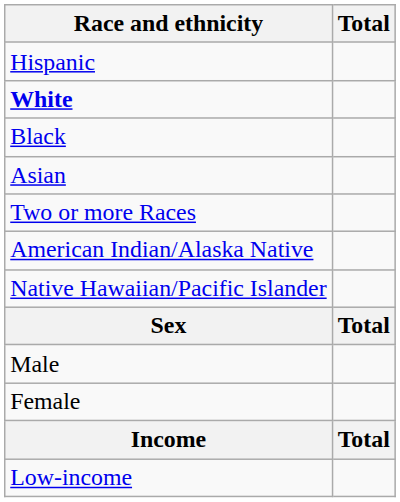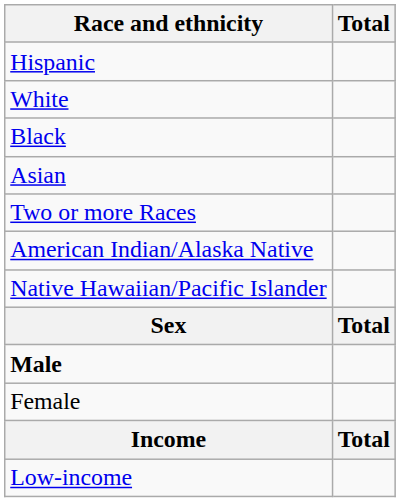 <table class="wikitable floatright sortable collapsible"; text-align:left; font-size:80%;">
 <tr>
 <th>Race and ethnicity</th>
 <th colspan="2" data-sort-type=number>Total</th>
 </tr>
 <tr>
 <td><a href='#'>Hispanic</a></td>
 <td align=right></td>
 </tr>
 <tr>
-<td><strong><a href='#'>White</a></strong></td>
+<td><a href='#'>White</a></td>
 <td align=right></td>
 </tr>
 <tr>
 <td><a href='#'>Black</a></td>
 <td align=right></td>
 </tr>
 <tr>
 <td><a href='#'>Asian</a></td>
 <td align=right></td>
 </tr>
 <tr>
 <td><a href='#'>Two or more Races</a></td>
 <td align=right></td>
 </tr>
 <tr>
 <td><a href='#'>American Indian/Alaska Native</a></td>
 <td align=right></td>
 </tr>
 <tr>
 <td><a href='#'>Native Hawaiian/Pacific Islander</a></td>
 <td align=right></td>
 </tr>
 <tr>
 <th>Sex</th>
 <th colspan="2" data-sort-type=number>Total</th>
 </tr>
 <tr>
-<td>Male</td>
+<td><strong>Male</strong></td>
 <td align=right></td>
 </tr>
 <tr>
 <td>Female</td>
 <td align=right></td>
 </tr>
 <tr>
 <th>Income</th>
 <th colspan="2" data-sort-type=number>Total</th>
 </tr>
 <tr>
 <td><a href='#'>Low-income</a></td>
 <td align=right></td>
 </tr>
 </table>
